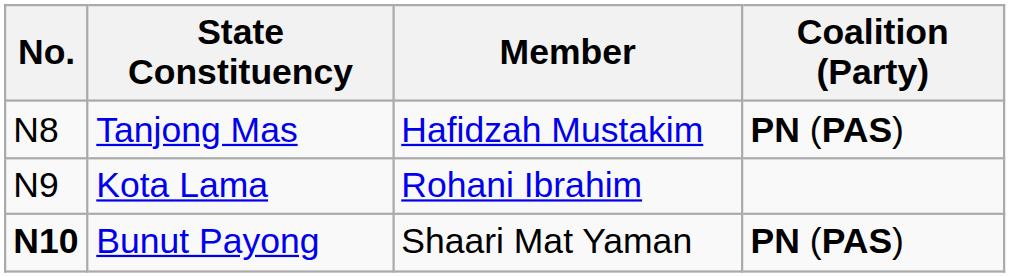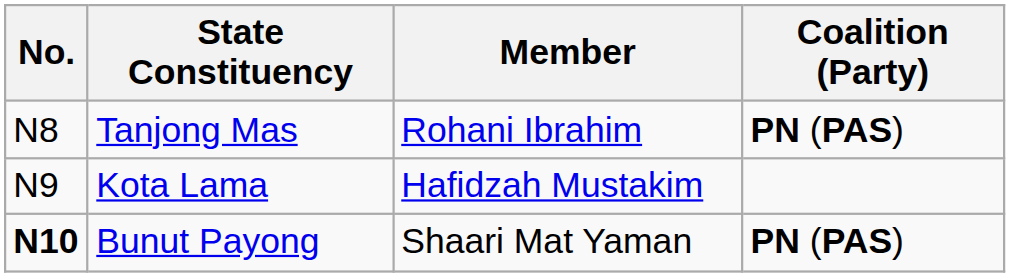 <table class="wikitable">
 <tr>
 <th width="30">No.</th>
 <th width="130">State Constituency</th>
 <th width="150">Member</th>
 <th width="110">Coalition (Party)</th>
 </tr>
 <tr>
 <td>N8</td>
 <td><a href='#'>Tanjong Mas</a></td>
-<td><a href='#'>Hafidzah Mustakim</a></td>
+<td><a href='#'>Rohani Ibrahim</a></td>
 <td style="background:"><strong>PN</strong> (<strong>PAS</strong>)</td>
 </tr>
 <tr>
 <td>N9</td>
 <td><a href='#'>Kota Lama</a></td>
-<td><a href='#'>Rohani Ibrahim</a></td>
+<td><a href='#'>Hafidzah Mustakim</a></td>
 <td></td>
 </tr>
 <tr>
 <td><strong>N10</strong></td>
 <td><a href='#'>Bunut Payong</a></td>
 <td>Shaari Mat Yaman</td>
 <td style="background:"><strong>PN</strong> (<strong>PAS</strong>)</td>
 </tr>
 </table>
